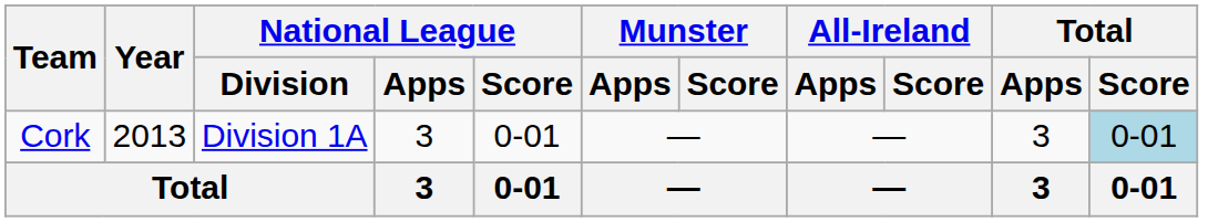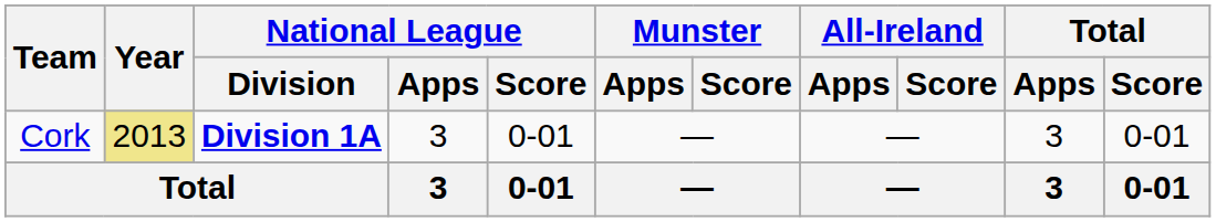 <table class="wikitable" style="text-align:center">
 <tr>
 <th rowspan="2">Team</th>
 <th rowspan="2">Year</th>
 <th colspan="3"><a href='#'>National League</a></th>
 <th colspan="2"><a href='#'>Munster</a></th>
 <th colspan="2"><a href='#'>All-Ireland</a></th>
 <th colspan="2">Total</th>
 </tr>
 <tr>
 <th>Division</th>
 <th>Apps</th>
 <th>Score</th>
 <th>Apps</th>
 <th>Score</th>
 <th>Apps</th>
 <th>Score</th>
 <th>Apps</th>
 <th>Score</th>
 </tr>
 <tr>
 <td rowspan="1"><a href='#'>Cork</a></td>
-<td>2013</td>
-<td rowspan="1"><a href='#'>Division 1A</a></td>
+<td style="background: khaki;">2013</td>
+<td rowspan="1"><strong><a href='#'>Division 1A</a></strong></td>
 <td>3</td>
 <td>0-01</td>
 <td colspan=2>—</td>
 <td colspan=2>—</td>
 <td>3</td>
-<td style="background: lightblue;">0-01</td>
+<td>0-01</td>
 </tr>
 <tr>
 <th colspan="3">Total</th>
 <th>3</th>
 <th>0-01</th>
 <th colspan=2>—</th>
 <th colspan=2>—</th>
 <th>3</th>
 <th>0-01</th>
 </tr>
 </table>
